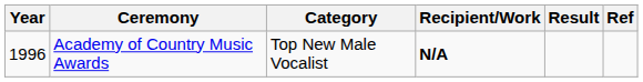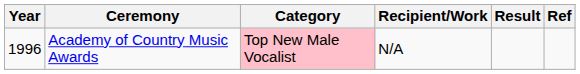 <table class="wikitable">
 <tr>
 <th>Year</th>
 <th>Ceremony</th>
 <th>Category</th>
 <th>Recipient/Work</th>
 <th>Result</th>
 <th>Ref</th>
 </tr>
 <tr>
 <td rowspan="2">1996</td>
 <td rowspan="2"><a href='#'>Academy of Country Music Awards</a></td>
-<td>Top New Male Vocalist</td>
-<td><strong>N/A</strong></td>
+<td style="background: pink;">Top New Male Vocalist</td>
+<td>N/A</td>
 <td></td>
 <td rowspan="2"></td>
 </tr>
 </table>
